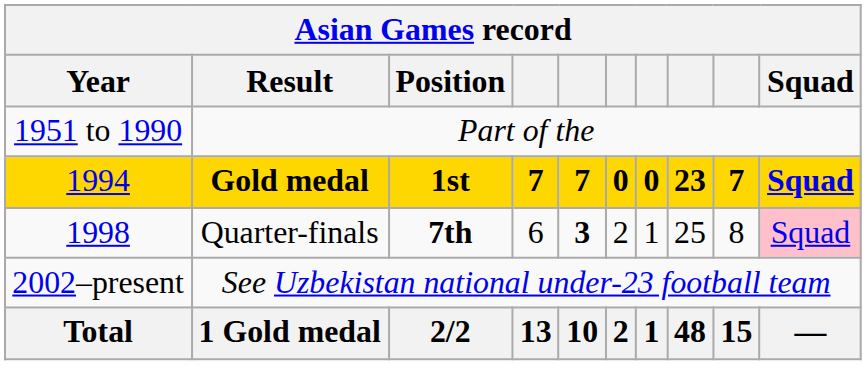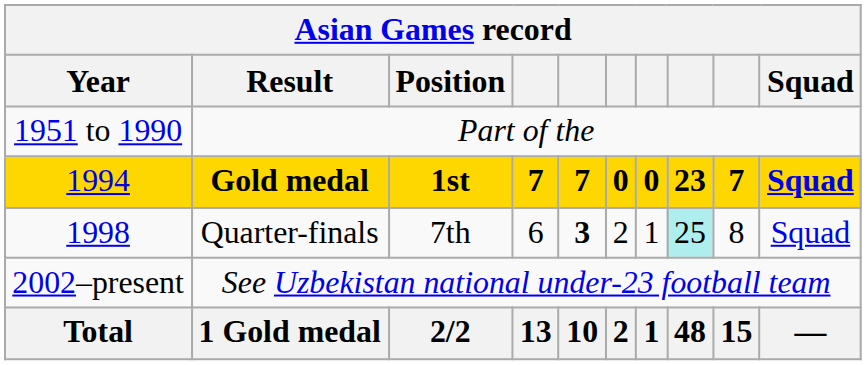 <table class="wikitable" style="text-align: center">
 <tr>
 <th colspan=10><a href='#'>Asian Games</a> record</th>
 </tr>
 <tr>
 <th>Year</th>
 <th>Result</th>
 <th>Position</th>
 <th></th>
 <th></th>
 <th></th>
 <th></th>
 <th></th>
 <th></th>
 <th>Squad</th>
 </tr>
 <tr>
 <td><a href='#'>1951</a> to <a href='#'>1990</a></td>
 <td colspan=9><em>Part of the </em></td>
 </tr>
 <tr bgcolor=gold>
 <td> <a href='#'>1994</a></td>
 <td><strong>Gold medal</strong></td>
 <td><strong>1st</strong></td>
 <td><strong>7</strong></td>
 <td><strong>7</strong></td>
 <td><strong>0</strong></td>
 <td><strong>0</strong></td>
 <td><strong>23</strong></td>
 <td><strong>7</strong></td>
 <td><strong><a href='#'>Squad</a></strong></td>
 </tr>
 <tr>
 <td> <a href='#'>1998</a></td>
 <td>Quarter-finals</td>
-<td><strong>7th</strong></td>
+<td>7th</td>
 <td>6</td>
 <td><strong>3</strong></td>
 <td>2</td>
 <td>1</td>
-<td>25</td>
+<td style="background: paleturquoise;">25</td>
 <td>8</td>
-<td style="background: pink;"><a href='#'>Squad</a></td>
+<td><a href='#'>Squad</a></td>
 </tr>
 <tr>
 <td><a href='#'>2002</a>–present</td>
 <td colspan=9><em>See <a href='#'>Uzbekistan national under-23 football team</a></em></td>
 </tr>
 <tr>
 <th>Total</th>
 <th>1 Gold medal</th>
 <th>2/2</th>
 <th>13</th>
 <th>10</th>
 <th>2</th>
 <th>1</th>
 <th>48</th>
 <th>15</th>
 <th>—</th>
 </tr>
 </table>
